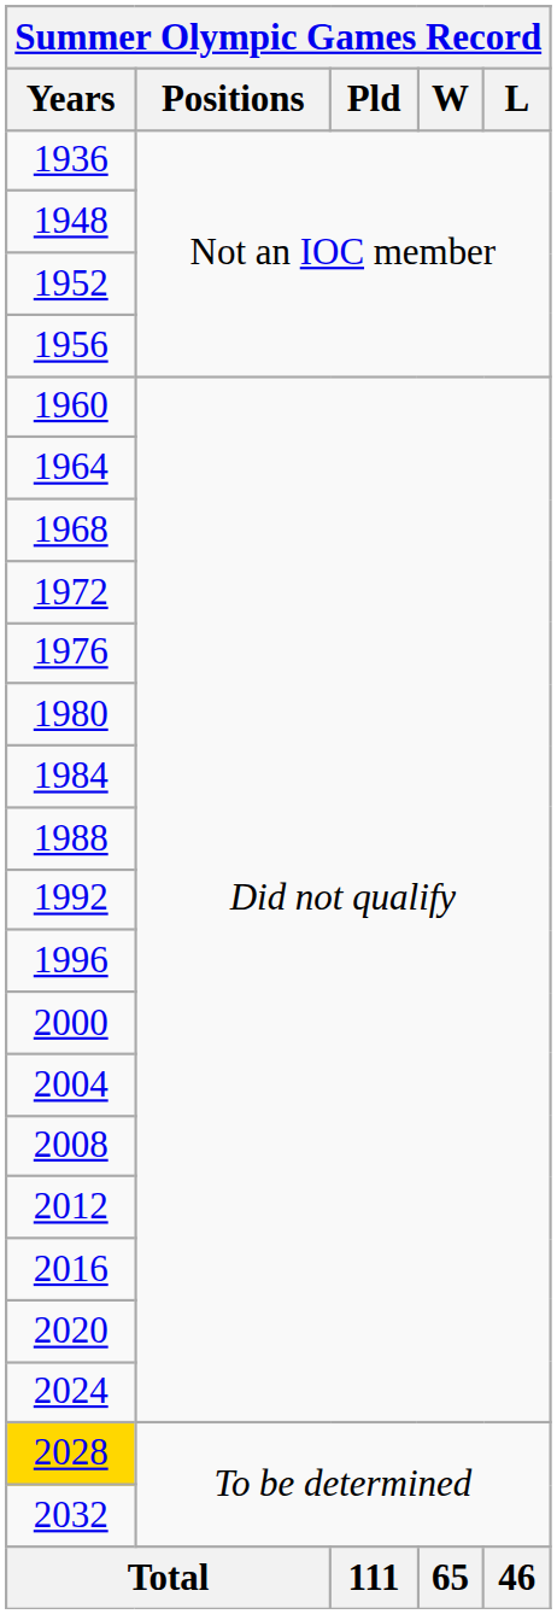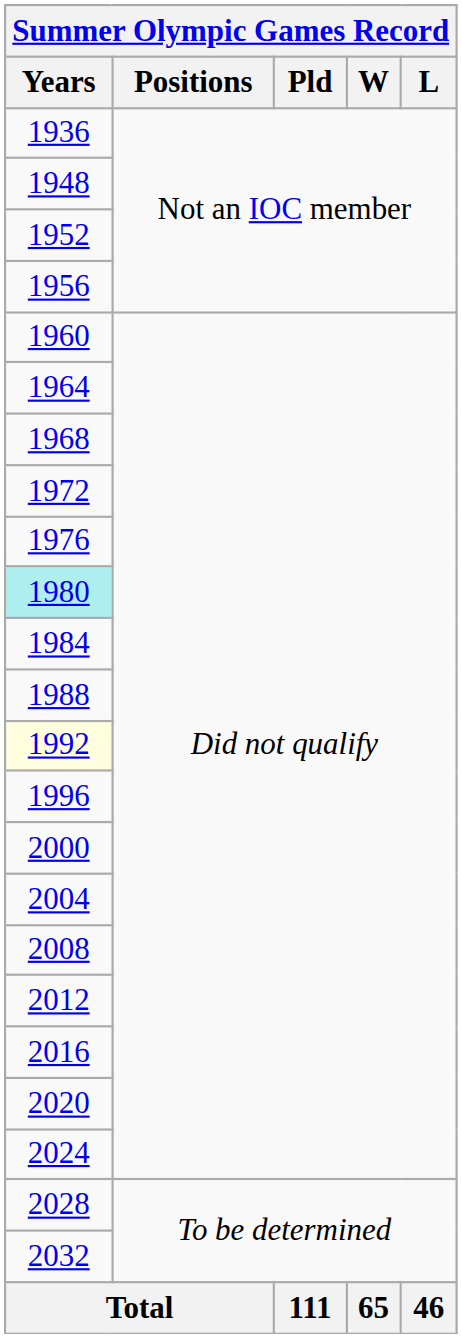 <table class="wikitable sortable" style="text-align: center;font-size:90%;">
 <tr>
 <th colspan=5><a href='#'>Summer Olympic Games Record</a></th>
 </tr>
 <tr>
 <th>Years</th>
 <th>Positions</th>
 <th>Pld</th>
 <th>W</th>
 <th>L</th>
 </tr>
 <tr>
 <td> <a href='#'>1936</a></td>
 <td rowspan=4 colspan=4>Not an <a href='#'>IOC</a> member</td>
 </tr>
 <tr>
 <td> <a href='#'>1948</a></td>
 </tr>
 <tr>
 <td> <a href='#'>1952</a></td>
 </tr>
 <tr>
 <td> <a href='#'>1956</a></td>
 </tr>
 <tr>
 <td> <a href='#'>1960</a></td>
 <td rowspan=17 colspan=4><em>Did not qualify</em></td>
 </tr>
 <tr>
 <td> <a href='#'>1964</a></td>
 </tr>
 <tr>
 <td> <a href='#'>1968</a></td>
 </tr>
 <tr>
 <td> <a href='#'>1972</a></td>
 </tr>
 <tr>
 <td> <a href='#'>1976</a></td>
 </tr>
 <tr>
-<td> <a href='#'>1980</a></td>
+<td style="background: paleturquoise;"> <a href='#'>1980</a></td>
 </tr>
 <tr>
 <td> <a href='#'>1984</a></td>
 </tr>
 <tr>
 <td> <a href='#'>1988</a></td>
 </tr>
 <tr>
-<td> <a href='#'>1992</a></td>
+<td style="background: lightyellow;"> <a href='#'>1992</a></td>
 </tr>
 <tr>
 <td> <a href='#'>1996</a></td>
 </tr>
 <tr>
 <td> <a href='#'>2000</a></td>
 </tr>
 <tr>
 <td> <a href='#'>2004</a></td>
 </tr>
 <tr>
 <td> <a href='#'>2008</a></td>
 </tr>
 <tr>
 <td> <a href='#'>2012</a></td>
 </tr>
 <tr>
 <td> <a href='#'>2016</a></td>
 </tr>
 <tr>
 <td> <a href='#'>2020</a></td>
 </tr>
 <tr>
 <td> <a href='#'>2024</a></td>
 </tr>
 <tr>
-<td style="background: gold;"> <a href='#'>2028</a></td>
+<td> <a href='#'>2028</a></td>
 <td rowspan=2 colspan=4><em>To be determined</em></td>
 </tr>
 <tr>
 <td> <a href='#'>2032</a></td>
 </tr>
 <tr>
 <th colspan=2>Total</th>
 <th>111</th>
 <th>65</th>
 <th>46</th>
 </tr>
 </table>
